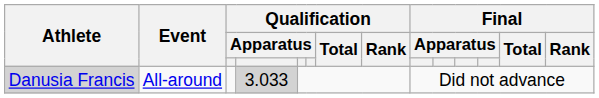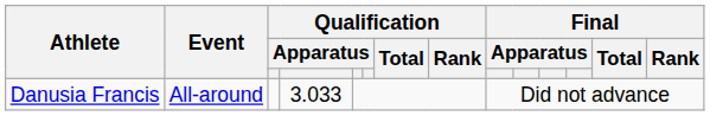 <table class="wikitable" style="font-size:90%">
 <tr>
 <th rowspan=3>Athlete</th>
 <th rowspan=3>Event</th>
 <th colspan=6>Qualification</th>
 <th colspan=6>Final</th>
 </tr>
 <tr style="font-size:95%">
 <th colspan=4>Apparatus</th>
 <th rowspan=2>Total</th>
 <th rowspan=2>Rank</th>
 <th colspan=4>Apparatus</th>
 <th rowspan=2>Total</th>
 <th rowspan=2>Rank</th>
 </tr>
 <tr style="font-size:95%">
 <th></th>
 <th></th>
 <th></th>
 <th></th>
 <th></th>
 <th></th>
 <th></th>
 <th></th>
 </tr>
 <tr align=center>
-<td align=left style="background: lightgrey;"><a href='#'>Danusia Francis</a></td>
+<td align=left><a href='#'>Danusia Francis</a></td>
 <td align=left><a href='#'>All-around</a></td>
 <td></td>
-<td style="background: lightgrey;">3.033</td>
+<td>3.033</td>
 <td colspan=4></td>
 <td colspan=6>Did not advance</td>
 </tr>
 </table>
